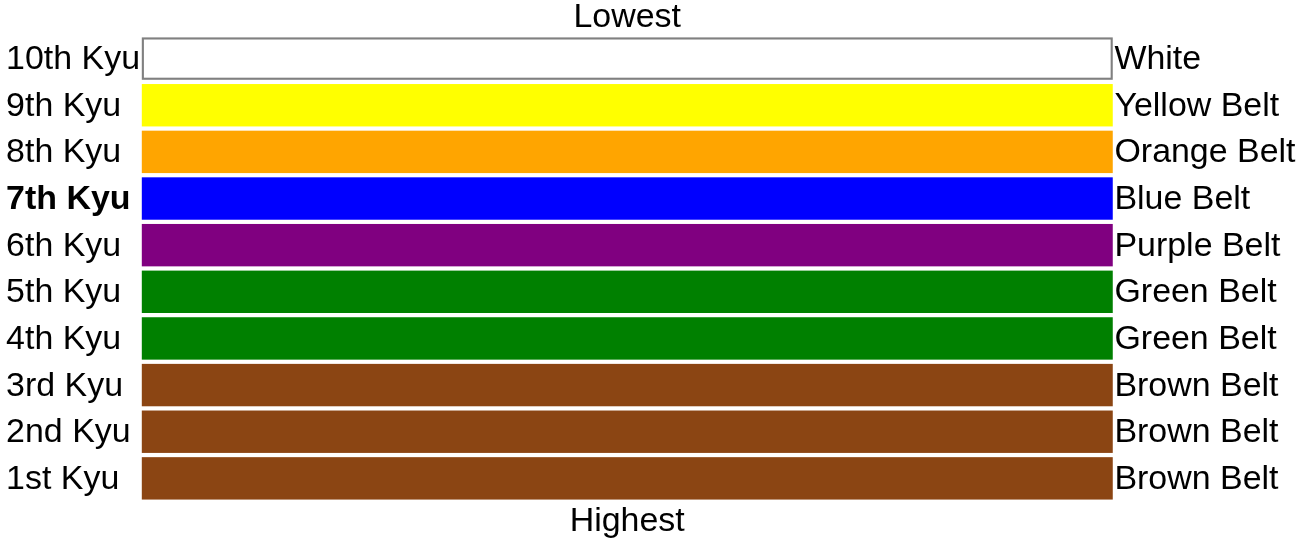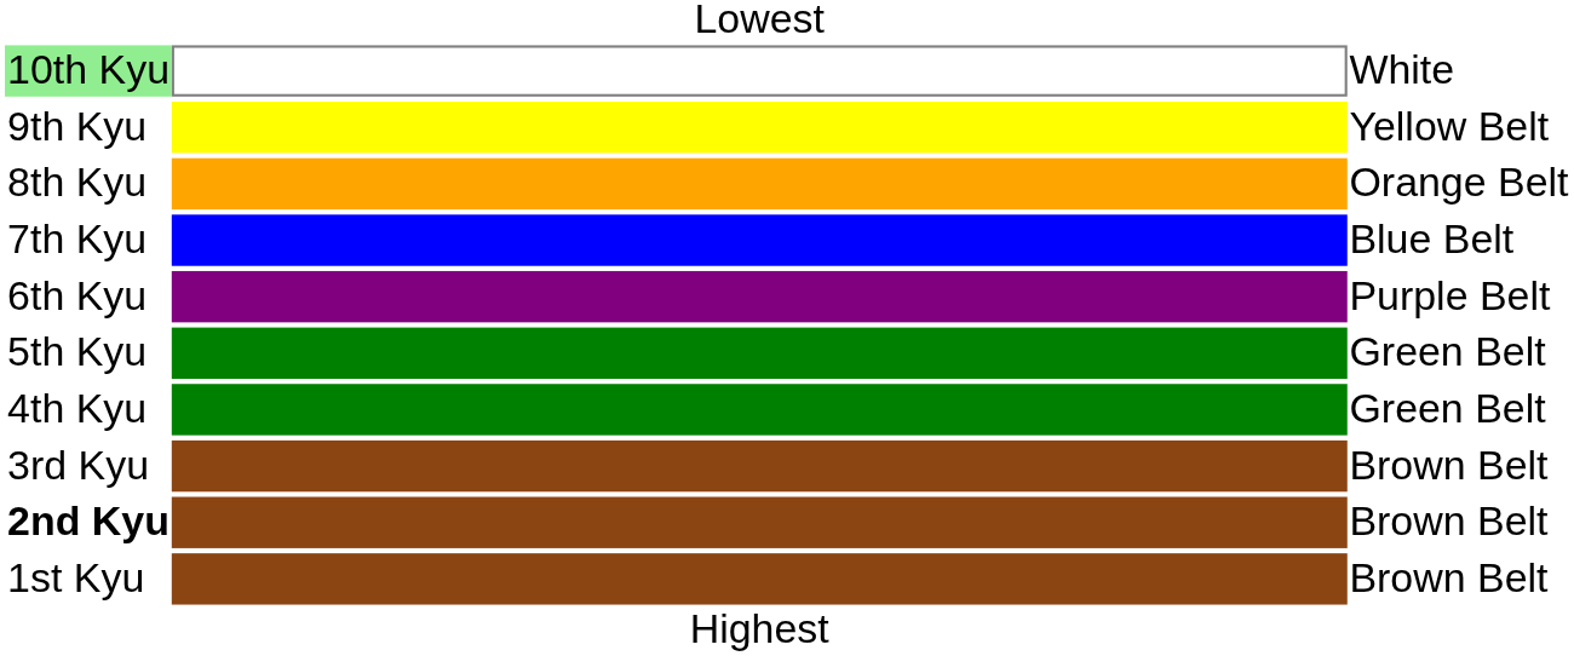 <table cellspacing="0">
 <tr>
 <td></td>
 <td align=center>Lowest</td>
 </tr>
 <tr>
-<td>10th Kyu</td>
+<td style="background: lightgreen;">10th Kyu</td>
 <td style="width:75%; background:White; border:1px solid gray;" colspan="21"></td>
 <td>White</td>
 </tr>
 <tr>
 <td></td>
 </tr>
 <tr>
 <td>9th Kyu</td>
 <td style="background:Yellow;" colspan="21"></td>
 <td>Yellow Belt</td>
 </tr>
 <tr>
 <td></td>
 </tr>
 <tr>
 <td>8th Kyu</td>
 <td style="background:Orange;" colspan="21"></td>
 <td>Orange Belt</td>
 </tr>
 <tr>
 <td></td>
 </tr>
 <tr>
-<td><strong>7th Kyu</strong></td>
+<td>7th Kyu</td>
 <td style="background:Blue;" colspan="21"></td>
 <td>Blue Belt</td>
 </tr>
 <tr>
 <td></td>
 </tr>
 <tr>
 <td>6th Kyu</td>
 <td style="background:Purple;" colspan="21"></td>
 <td>Purple Belt</td>
 </tr>
 <tr>
 <td></td>
 </tr>
 <tr>
 <td>5th Kyu</td>
 <td style="background:Green;" colspan="21"></td>
 <td>Green Belt</td>
 </tr>
 <tr>
 <td></td>
 </tr>
 <tr>
 <td>4th Kyu</td>
 <td style="background:Green;" colspan="21"></td>
 <td>Green Belt</td>
 </tr>
 <tr>
 <td></td>
 </tr>
 <tr>
 <td>3rd Kyu</td>
 <td style="background: SaddleBrown;" colspan="21"></td>
 <td>Brown Belt</td>
 </tr>
 <tr>
 <td></td>
 </tr>
 <tr>
-<td>2nd Kyu</td>
+<td><strong>2nd Kyu</strong></td>
 <td style="background: SaddleBrown;" colspan="21"></td>
 <td>Brown Belt</td>
 </tr>
 <tr>
 <td></td>
 </tr>
 <tr>
 <td>1st Kyu</td>
 <td style="background: SaddleBrown;" colspan="21"></td>
 <td>Brown Belt</td>
 </tr>
 <tr>
 <td></td>
 <td align=center>Highest</td>
 </tr>
 </table>
